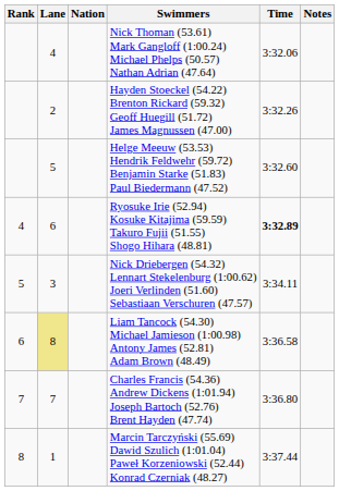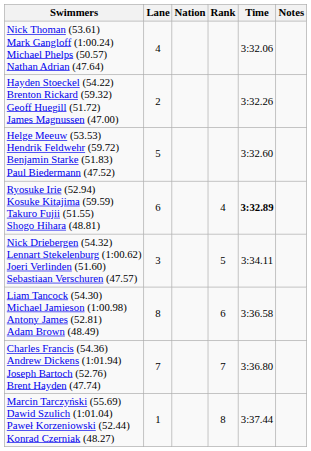 <table class="wikitable sortable" style="text-align:center">
 <tr>
-<th>Rank</th>
+<th>Swimmers</th>
 <th>Lane</th>
 <th>Nation</th>
-<th>Swimmers</th>
+<th>Rank</th>
 <th>Time</th>
 <th>Notes</th>
 </tr>
 <tr>
-<td></td>
+<td align=left><a href='#'>Nick Thoman</a> (53.61)<br><a href='#'>Mark Gangloff</a> (1:00.24)<br><a href='#'>Michael Phelps</a> (50.57)<br><a href='#'>Nathan Adrian</a> (47.64)</td>
 <td>4</td>
 <td align=left></td>
-<td align=left><a href='#'>Nick Thoman</a> (53.61)<br><a href='#'>Mark Gangloff</a> (1:00.24)<br><a href='#'>Michael Phelps</a> (50.57)<br><a href='#'>Nathan Adrian</a> (47.64)</td>
+<td></td>
 <td>3:32.06</td>
 <td></td>
 </tr>
 <tr>
-<td></td>
+<td align=left><a href='#'>Hayden Stoeckel</a> (54.22)<br><a href='#'>Brenton Rickard</a> (59.32)<br><a href='#'>Geoff Huegill</a> (51.72)<br><a href='#'>James Magnussen</a> (47.00)</td>
 <td>2</td>
 <td align=left></td>
-<td align=left><a href='#'>Hayden Stoeckel</a> (54.22)<br><a href='#'>Brenton Rickard</a> (59.32)<br><a href='#'>Geoff Huegill</a> (51.72)<br><a href='#'>James Magnussen</a> (47.00)</td>
+<td></td>
 <td>3:32.26</td>
 <td></td>
 </tr>
 <tr>
-<td></td>
+<td align=left><a href='#'>Helge Meeuw</a> (53.53)<br><a href='#'>Hendrik Feldwehr</a> (59.72)<br><a href='#'>Benjamin Starke</a> (51.83)<br><a href='#'>Paul Biedermann</a> (47.52)</td>
 <td>5</td>
 <td align=left></td>
-<td align=left><a href='#'>Helge Meeuw</a> (53.53)<br><a href='#'>Hendrik Feldwehr</a> (59.72)<br><a href='#'>Benjamin Starke</a> (51.83)<br><a href='#'>Paul Biedermann</a> (47.52)</td>
+<td></td>
 <td>3:32.60</td>
 <td></td>
 </tr>
 <tr>
-<td>4</td>
+<td align=left><a href='#'>Ryosuke Irie</a> (52.94)<br><a href='#'>Kosuke Kitajima</a> (59.59)<br><a href='#'>Takuro Fujii</a> (51.55)<br><a href='#'>Shogo Hihara</a> (48.81)</td>
 <td>6</td>
 <td align=left></td>
-<td align=left><a href='#'>Ryosuke Irie</a> (52.94)<br><a href='#'>Kosuke Kitajima</a> (59.59)<br><a href='#'>Takuro Fujii</a> (51.55)<br><a href='#'>Shogo Hihara</a> (48.81)</td>
+<td>4</td>
 <td><strong>3:32.89</strong></td>
 <td></td>
 </tr>
 <tr>
-<td>5</td>
+<td align=left><a href='#'>Nick Driebergen</a> (54.32)<br><a href='#'>Lennart Stekelenburg</a> (1:00.62)<br><a href='#'>Joeri Verlinden</a> (51.60)<br><a href='#'>Sebastiaan Verschuren</a> (47.57)</td>
 <td>3</td>
 <td align=left></td>
-<td align=left><a href='#'>Nick Driebergen</a> (54.32)<br><a href='#'>Lennart Stekelenburg</a> (1:00.62)<br><a href='#'>Joeri Verlinden</a> (51.60)<br><a href='#'>Sebastiaan Verschuren</a> (47.57)</td>
+<td>5</td>
 <td>3:34.11</td>
 <td></td>
 </tr>
 <tr>
+<td align=left><a href='#'>Liam Tancock</a> (54.30)<br><a href='#'>Michael Jamieson</a> (1:00.98)<br><a href='#'>Antony James</a> (52.81)<br><a href='#'>Adam Brown</a> (48.49)</td>
+<td>8</td>
+<td align=left></td>
 <td>6</td>
-<td style="background: khaki;">8</td>
-<td align=left></td>
-<td align=left><a href='#'>Liam Tancock</a> (54.30)<br><a href='#'>Michael Jamieson</a> (1:00.98)<br><a href='#'>Antony James</a> (52.81)<br><a href='#'>Adam Brown</a> (48.49)</td>
 <td>3:36.58</td>
 <td></td>
 </tr>
 <tr>
-<td>7</td>
+<td align=left><a href='#'>Charles Francis</a> (54.36)<br><a href='#'>Andrew Dickens</a> (1:01.94)<br><a href='#'>Joseph Bartoch</a> (52.76)<br><a href='#'>Brent Hayden</a> (47.74)</td>
 <td>7</td>
 <td align=left></td>
-<td align=left><a href='#'>Charles Francis</a> (54.36)<br><a href='#'>Andrew Dickens</a> (1:01.94)<br><a href='#'>Joseph Bartoch</a> (52.76)<br><a href='#'>Brent Hayden</a> (47.74)</td>
+<td>7</td>
 <td>3:36.80</td>
 <td></td>
 </tr>
 <tr>
-<td>8</td>
+<td align=left><a href='#'>Marcin Tarczyński</a> (55.69)<br><a href='#'>Dawid Szulich</a> (1:01.04)<br><a href='#'>Paweł Korzeniowski</a> (52.44)<br><a href='#'>Konrad Czerniak</a> (48.27)</td>
 <td>1</td>
 <td align=left></td>
-<td align=left><a href='#'>Marcin Tarczyński</a> (55.69)<br><a href='#'>Dawid Szulich</a> (1:01.04)<br><a href='#'>Paweł Korzeniowski</a> (52.44)<br><a href='#'>Konrad Czerniak</a> (48.27)</td>
+<td>8</td>
 <td>3:37.44</td>
 <td></td>
 </tr>
 </table>
